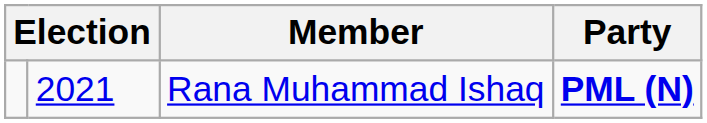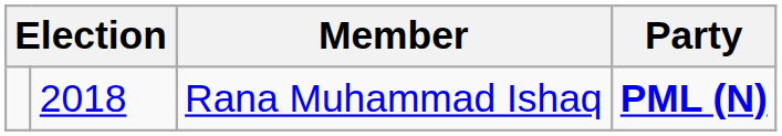 <table class="wikitable">
 <tr>
 <th colspan="2">Election</th>
 <th>Member</th>
 <th>Party</th>
 </tr>
 <tr>
 <td style="background-color: "></td>
-<td><a href='#'>2021</a></td>
+<td><a href='#'>2018</a></td>
 <td><a href='#'>Rana Muhammad Ishaq</a></td>
 <td><strong><a href='#'>PML (N)</a></strong></td>
 </tr>
 </table>
